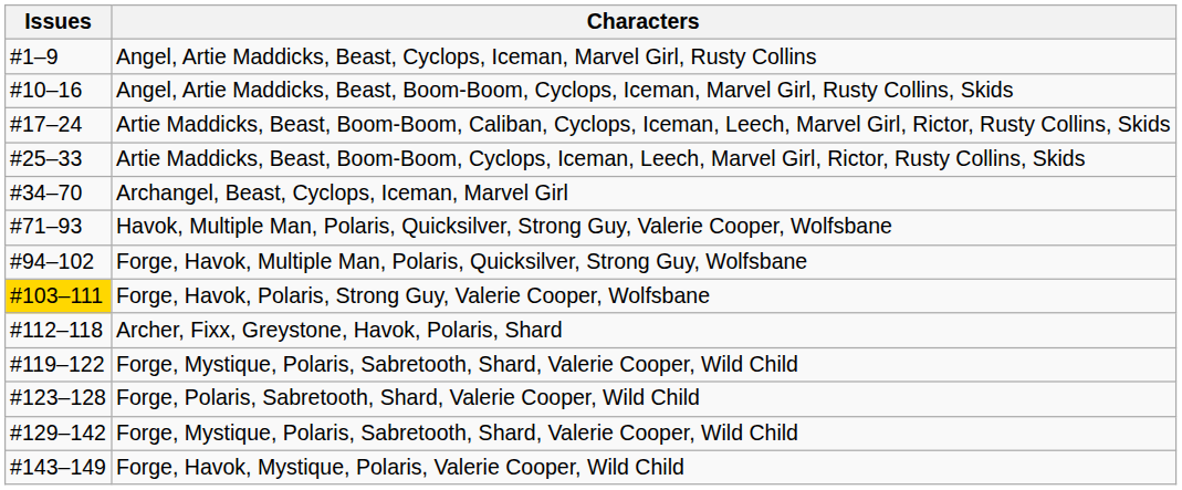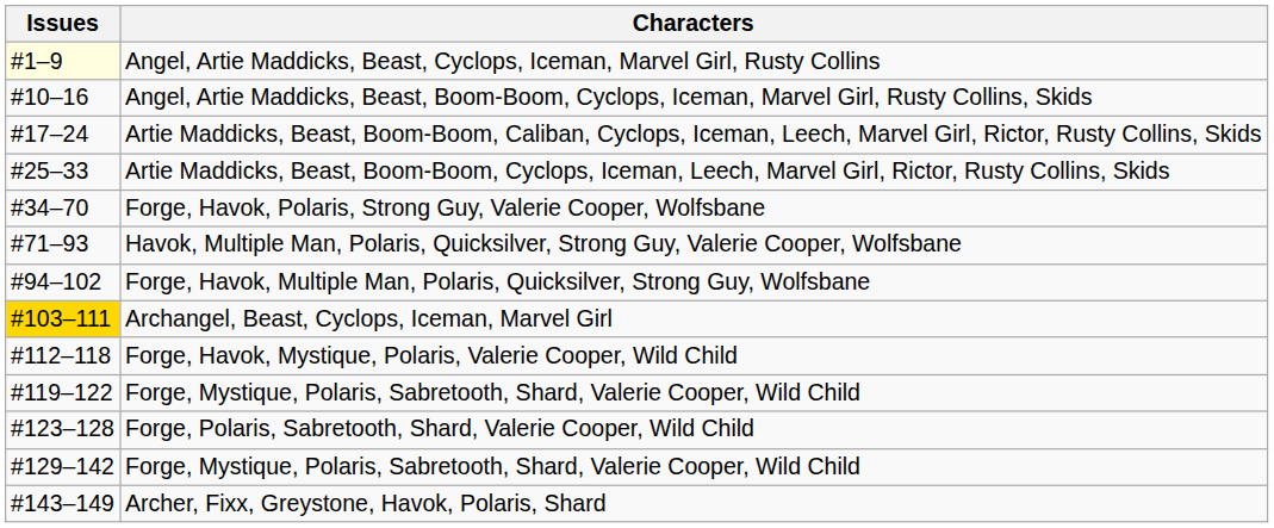 <table class="wikitable">
 <tr>
 <th>Issues</th>
 <th>Characters</th>
 </tr>
 <tr>
-<td>#1–9</td>
+<td style="background: lightyellow;">#1–9</td>
 <td>Angel, Artie Maddicks, Beast, Cyclops, Iceman, Marvel Girl, Rusty Collins</td>
 </tr>
 <tr>
 <td>#10–16</td>
 <td>Angel, Artie Maddicks, Beast, Boom-Boom, Cyclops, Iceman, Marvel Girl, Rusty Collins, Skids</td>
 </tr>
 <tr>
 <td>#17–24</td>
 <td>Artie Maddicks, Beast, Boom-Boom, Caliban, Cyclops, Iceman, Leech, Marvel Girl, Rictor, Rusty Collins, Skids</td>
 </tr>
 <tr>
 <td>#25–33</td>
 <td>Artie Maddicks, Beast, Boom-Boom, Cyclops, Iceman, Leech, Marvel Girl, Rictor, Rusty Collins, Skids</td>
 </tr>
 <tr>
 <td>#34–70</td>
-<td>Archangel, Beast, Cyclops, Iceman, Marvel Girl</td>
+<td>Forge, Havok, Polaris, Strong Guy, Valerie Cooper, Wolfsbane</td>
 </tr>
 <tr>
 <td>#71–93</td>
 <td>Havok, Multiple Man, Polaris, Quicksilver, Strong Guy, Valerie Cooper, Wolfsbane</td>
 </tr>
 <tr>
 <td>#94–102</td>
 <td>Forge, Havok, Multiple Man, Polaris, Quicksilver, Strong Guy, Wolfsbane</td>
 </tr>
 <tr>
 <td style="background: gold;">#103–111</td>
-<td>Forge, Havok, Polaris, Strong Guy, Valerie Cooper, Wolfsbane</td>
+<td>Archangel, Beast, Cyclops, Iceman, Marvel Girl</td>
 </tr>
 <tr>
 <td>#112–118</td>
-<td>Archer, Fixx, Greystone, Havok, Polaris, Shard</td>
+<td>Forge, Havok, Mystique, Polaris, Valerie Cooper, Wild Child</td>
 </tr>
 <tr>
 <td>#119–122</td>
 <td>Forge, Mystique, Polaris, Sabretooth, Shard, Valerie Cooper, Wild Child</td>
 </tr>
 <tr>
 <td>#123–128</td>
 <td>Forge, Polaris, Sabretooth, Shard, Valerie Cooper, Wild Child</td>
 </tr>
 <tr>
 <td>#129–142</td>
 <td>Forge, Mystique, Polaris, Sabretooth, Shard, Valerie Cooper, Wild Child</td>
 </tr>
 <tr>
 <td>#143–149</td>
-<td>Forge, Havok, Mystique, Polaris, Valerie Cooper, Wild Child</td>
+<td>Archer, Fixx, Greystone, Havok, Polaris, Shard</td>
 </tr>
 </table>
